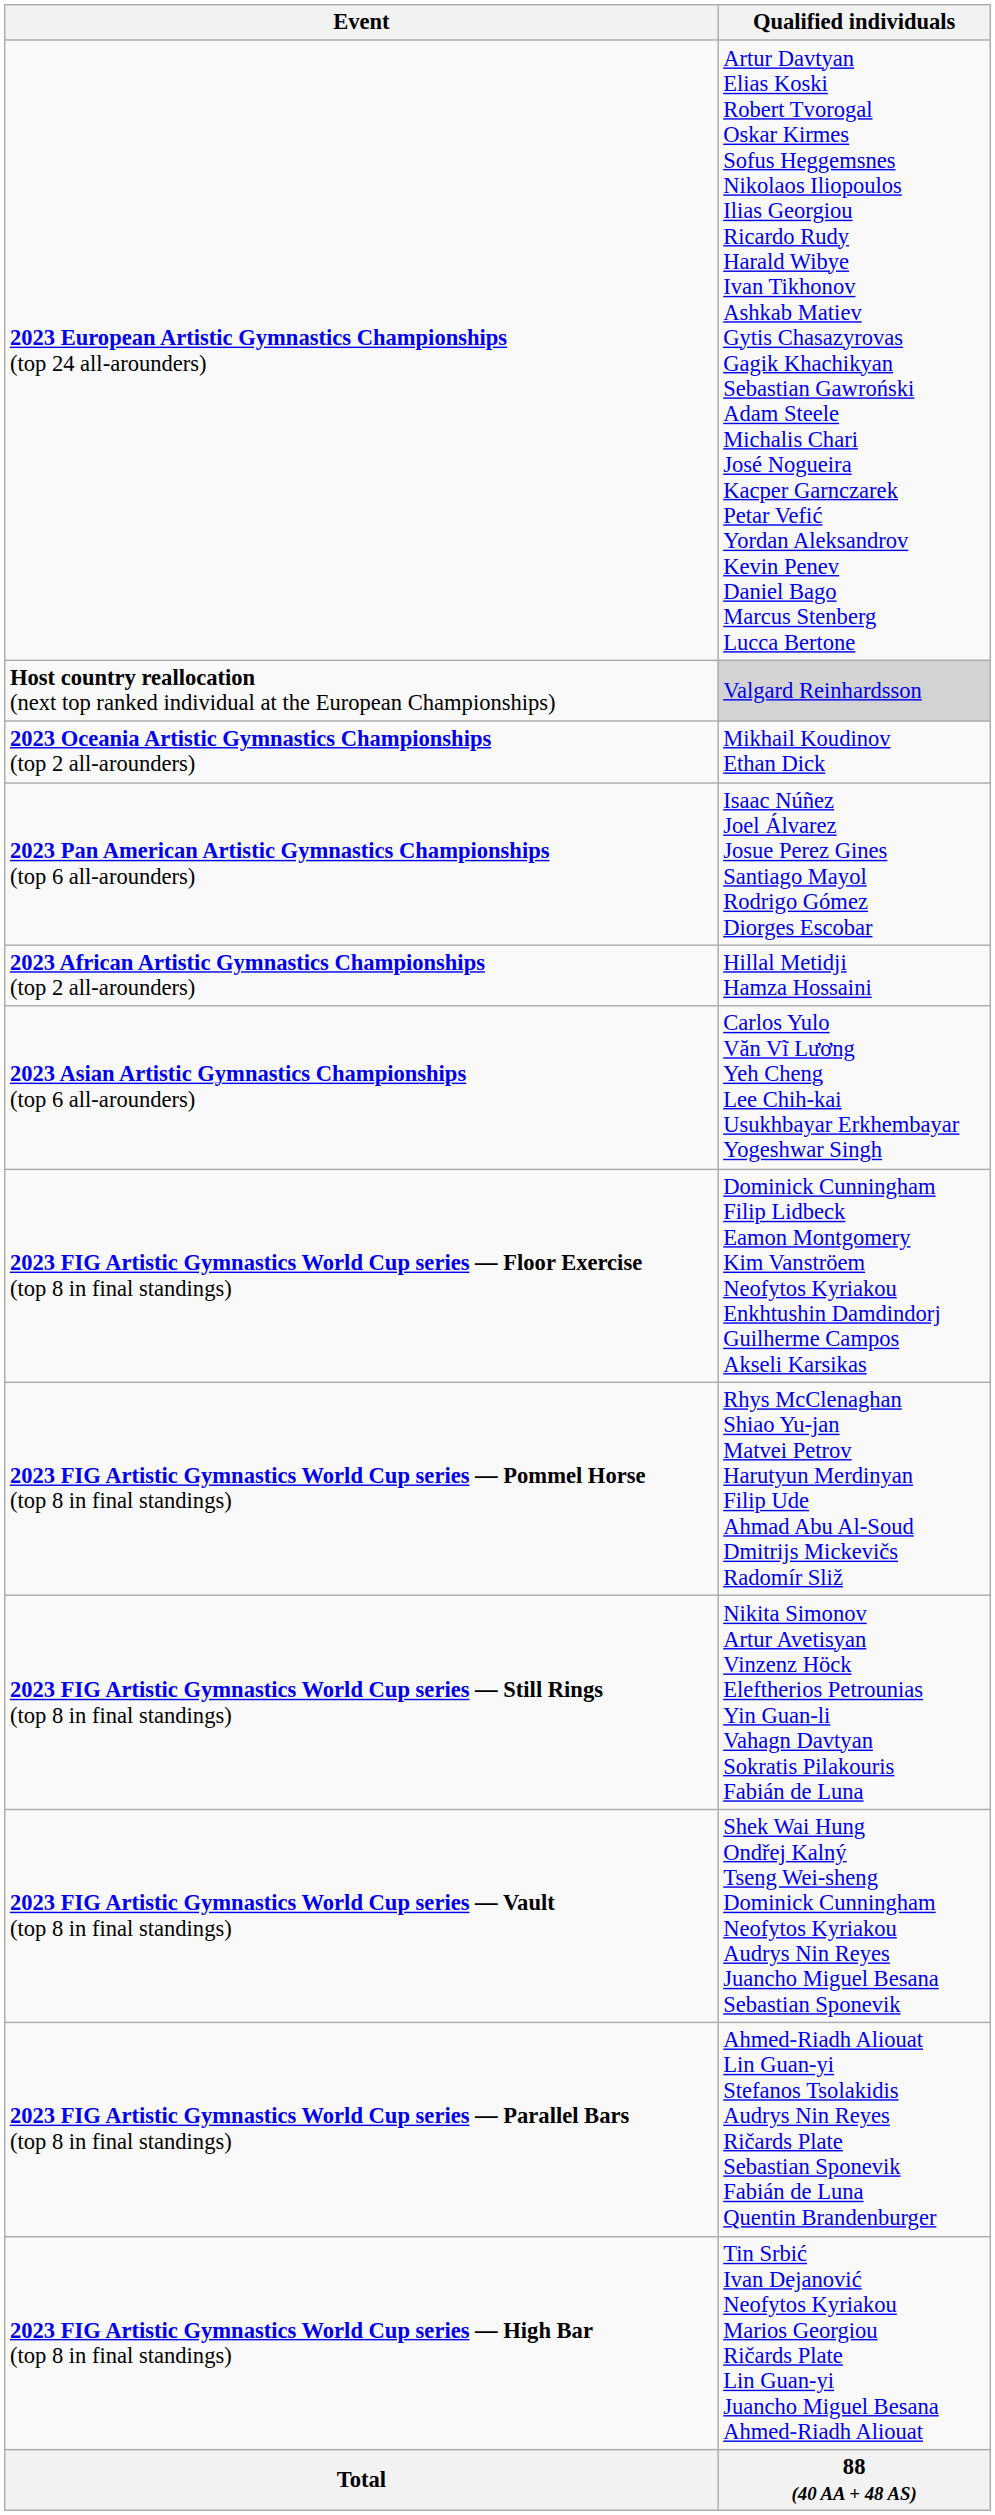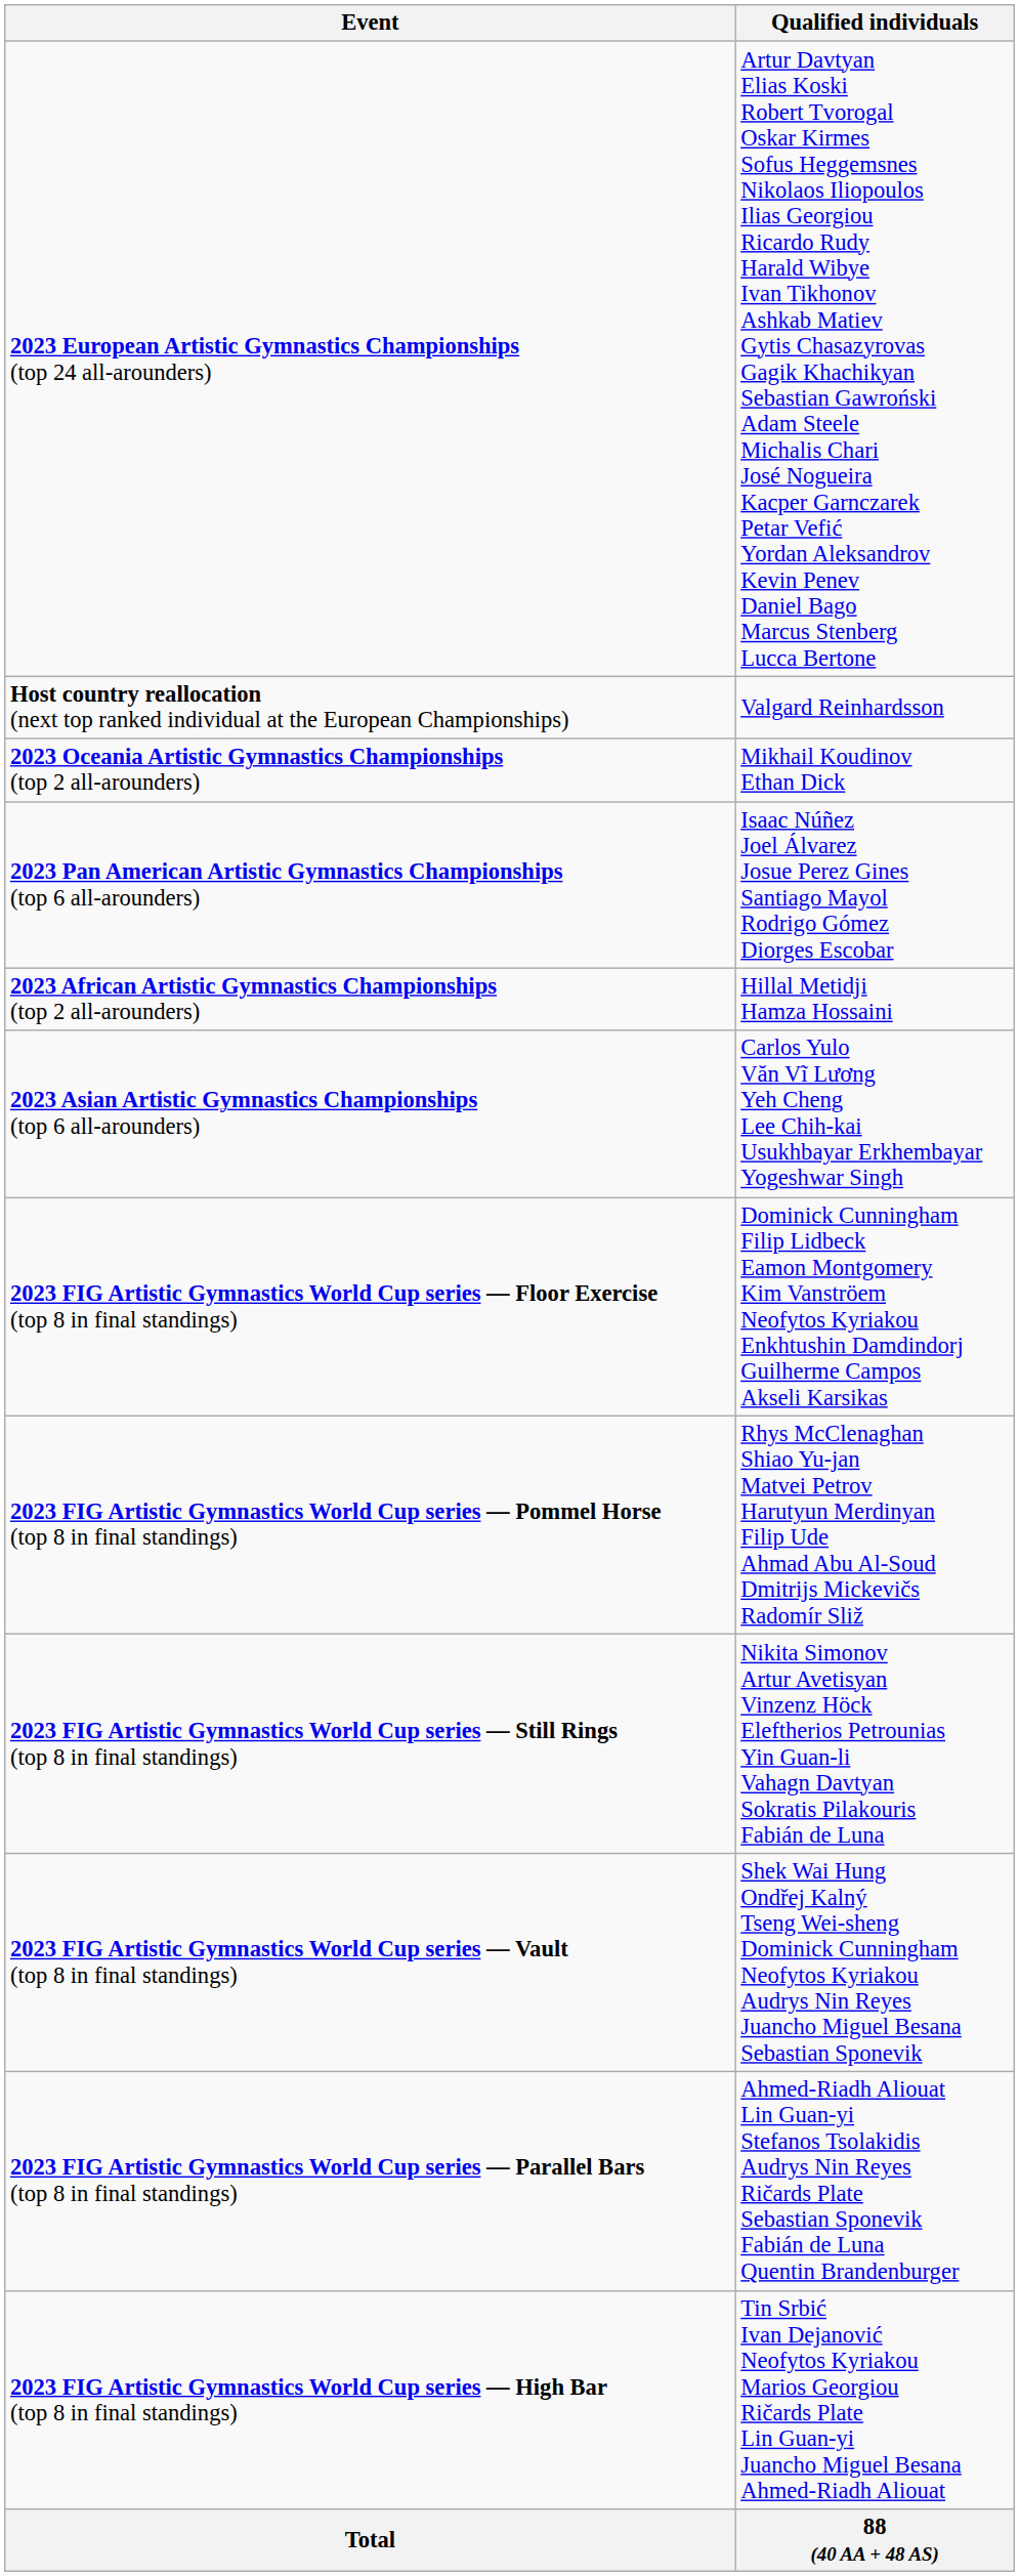 <table class="wikitable mw-collapsible mw-collapsed" style="width:700px;">
 <tr>
 <th>Event</th>
 <th>Qualified individuals</th>
 </tr>
 <tr>
 <td><strong><a href='#'>2023 European Artistic Gymnastics Championships</a></strong><br>(top 24 all-arounders)</td>
 <td> <a href='#'>Artur Davtyan</a> <br>  <a href='#'>Elias Koski</a> <br>  <a href='#'>Robert Tvorogal</a> <br>  <a href='#'>Oskar Kirmes</a> <br>  <a href='#'>Sofus Heggemsnes</a> <br>  <a href='#'>Nikolaos Iliopoulos</a> <br>  <a href='#'>Ilias Georgiou</a> <br>  <a href='#'>Ricardo Rudy</a> <br>  <a href='#'>Harald Wibye</a> <br>  <a href='#'>Ivan Tikhonov</a> <br>  <a href='#'>Ashkab Matiev</a> <br>  <a href='#'>Gytis Chasazyrovas</a> <br>  <a href='#'>Gagik Khachikyan</a> <br>  <a href='#'>Sebastian Gawroński</a> <br>  <a href='#'>Adam Steele</a> <br>  <a href='#'>Michalis Chari</a> <br>  <a href='#'>José Nogueira</a> <br>  <a href='#'>Kacper Garnczarek</a> <br>  <a href='#'>Petar Vefić</a> <br>  <a href='#'>Yordan Aleksandrov</a> <br>  <a href='#'>Kevin Penev</a> <br>  <a href='#'>Daniel Bago</a> <br>  <a href='#'>Marcus Stenberg</a> <br>  <a href='#'>Lucca Bertone</a></td>
 </tr>
 <tr>
 <td><strong>Host country reallocation</strong><br>(next top ranked individual at the European Championships)</td>
-<td style="background: lightgrey;"> <a href='#'>Valgard Reinhardsson</a></td>
+<td> <a href='#'>Valgard Reinhardsson</a></td>
 </tr>
 <tr>
 <td><strong><a href='#'>2023 Oceania Artistic Gymnastics Championships</a></strong><br>(top 2 all-arounders)</td>
 <td> <a href='#'>Mikhail Koudinov</a> <br>  <a href='#'>Ethan Dick</a></td>
 </tr>
 <tr>
 <td><strong><a href='#'>2023 Pan American Artistic Gymnastics Championships</a></strong><br>(top 6 all-arounders)</td>
 <td> <a href='#'>Isaac Núñez</a> <br>  <a href='#'>Joel Álvarez</a> <br>  <a href='#'>Josue Perez Gines</a> <br>  <a href='#'>Santiago Mayol</a> <br>  <a href='#'>Rodrigo Gómez</a> <br>  <a href='#'>Diorges Escobar</a></td>
 </tr>
 <tr>
 <td><strong><a href='#'>2023 African Artistic Gymnastics Championships</a></strong><br>(top 2 all-arounders)</td>
 <td> <a href='#'>Hillal Metidji</a> <br>  <a href='#'>Hamza Hossaini</a></td>
 </tr>
 <tr>
 <td><strong><a href='#'>2023 Asian Artistic Gymnastics Championships</a></strong><br>(top 6 all-arounders)</td>
 <td> <a href='#'>Carlos Yulo</a> <br>  <a href='#'>Văn Vĩ Lương</a> <br>  <a href='#'>Yeh Cheng</a> <br>  <a href='#'>Lee Chih-kai</a> <br>  <a href='#'>Usukhbayar Erkhembayar</a> <br>  <a href='#'>Yogeshwar Singh</a></td>
 </tr>
 <tr>
 <td><strong><a href='#'>2023 FIG Artistic Gymnastics World Cup series</a> — Floor Exercise </strong><br>(top 8 in final standings)</td>
 <td> <a href='#'>Dominick Cunningham</a> <br>  <a href='#'>Filip Lidbeck</a> <br>  <a href='#'>Eamon Montgomery</a> <br>  <a href='#'>Kim Vanströem</a> <br>  <a href='#'>Neofytos Kyriakou</a> <br>  <a href='#'>Enkhtushin Damdindorj</a> <br>  <a href='#'>Guilherme Campos</a> <br>  <a href='#'>Akseli Karsikas</a></td>
 </tr>
 <tr>
 <td><strong><a href='#'>2023 FIG Artistic Gymnastics World Cup series</a> — Pommel Horse </strong><br>(top 8 in final standings)</td>
 <td> <a href='#'>Rhys McClenaghan</a> <br>  <a href='#'>Shiao Yu-jan</a> <br>  <a href='#'>Matvei Petrov</a> <br>  <a href='#'>Harutyun Merdinyan</a> <br>  <a href='#'>Filip Ude</a> <br>  <a href='#'>Ahmad Abu Al-Soud</a> <br>  <a href='#'>Dmitrijs Mickevičs</a> <br>  <a href='#'>Radomír Sliž</a></td>
 </tr>
 <tr>
 <td><strong><a href='#'>2023 FIG Artistic Gymnastics World Cup series</a> — Still Rings </strong><br>(top 8 in final standings)</td>
 <td> <a href='#'>Nikita Simonov</a> <br>  <a href='#'>Artur Avetisyan</a> <br>  <a href='#'>Vinzenz Höck</a> <br>  <a href='#'>Eleftherios Petrounias</a> <br>  <a href='#'>Yin Guan-li </a> <br>  <a href='#'>Vahagn Davtyan</a> <br>  <a href='#'>Sokratis Pilakouris</a> <br>  <a href='#'>Fabián de Luna</a></td>
 </tr>
 <tr>
 <td><strong><a href='#'>2023 FIG Artistic Gymnastics World Cup series</a> — Vault </strong><br>(top 8 in final standings)</td>
 <td> <a href='#'>Shek Wai Hung</a> <br>  <a href='#'>Ondřej Kalný</a> <br>  <a href='#'>Tseng Wei-sheng</a> <br>  <a href='#'>Dominick Cunningham</a> <br>  <a href='#'>Neofytos Kyriakou</a> <br>  <a href='#'>Audrys Nin Reyes</a> <br>  <a href='#'>Juancho Miguel Besana</a> <br>  <a href='#'>Sebastian Sponevik</a></td>
 </tr>
 <tr>
 <td><strong><a href='#'>2023 FIG Artistic Gymnastics World Cup series</a> — Parallel Bars </strong><br>(top 8 in final standings)</td>
 <td> <a href='#'>Ahmed-Riadh Aliouat</a> <br>  <a href='#'>Lin Guan-yi</a> <br>  <a href='#'>Stefanos Tsolakidis</a> <br>  <a href='#'>Audrys Nin Reyes</a> <br>  <a href='#'>Ričards Plate</a> <br>  <a href='#'>Sebastian Sponevik</a> <br>  <a href='#'>Fabián de Luna</a> <br>  <a href='#'>Quentin Brandenburger</a></td>
 </tr>
 <tr>
 <td><strong><a href='#'>2023 FIG Artistic Gymnastics World Cup series</a> — High Bar </strong><br>(top 8 in final standings)</td>
 <td> <a href='#'>Tin Srbić</a> <br>  <a href='#'>Ivan Dejanović</a> <br>  <a href='#'>Neofytos Kyriakou</a> <br>  <a href='#'>Marios Georgiou</a> <br>  <a href='#'>Ričards Plate</a> <br>  <a href='#'>Lin Guan-yi</a> <br>  <a href='#'>Juancho Miguel Besana</a> <br>  <a href='#'>Ahmed-Riadh Aliouat</a></td>
 </tr>
 <tr>
 <th colspan="1">Total</th>
 <th>88 <em><br> <small>(40 AA + 48 AS)</small></em></th>
 </tr>
 </table>
